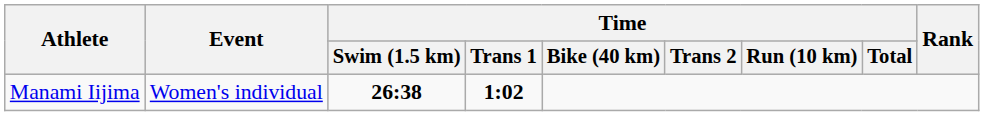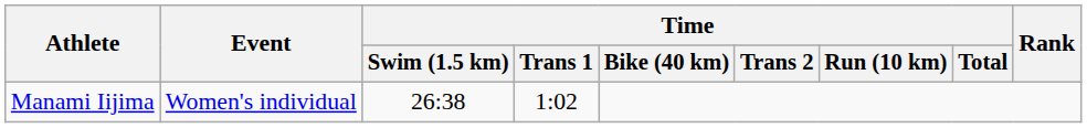 <table class=wikitable style=font-size:90%>
 <tr>
 <th rowspan=2>Athlete</th>
 <th rowspan=2>Event</th>
 <th colspan=6>Time</th>
 <th rowspan=2>Rank</th>
 </tr>
 <tr style=font-size:95%>
 <th>Swim (1.5 km)</th>
 <th>Trans 1</th>
 <th>Bike (40 km)</th>
 <th>Trans 2</th>
 <th>Run (10 km)</th>
 <th>Total</th>
 </tr>
 <tr align=center>
 <td align=left><a href='#'>Manami Iijima</a></td>
 <td align=left><a href='#'>Women's individual</a></td>
-<td><strong>26:38</strong></td>
-<td><strong>1:02</strong></td>
+<td>26:38</td>
+<td>1:02</td>
 <td colspan=5></td>
 </tr>
 </table>
